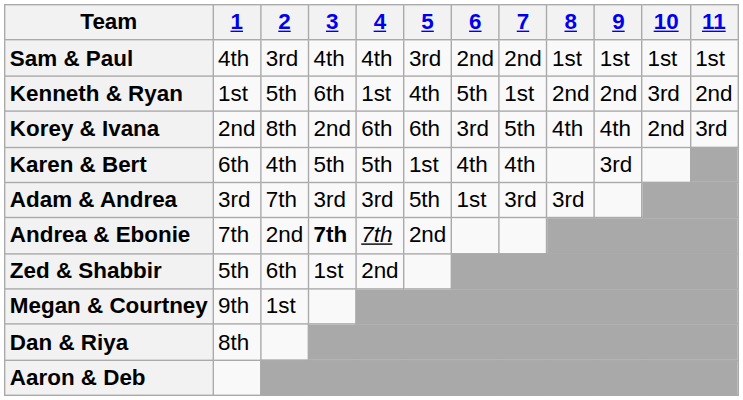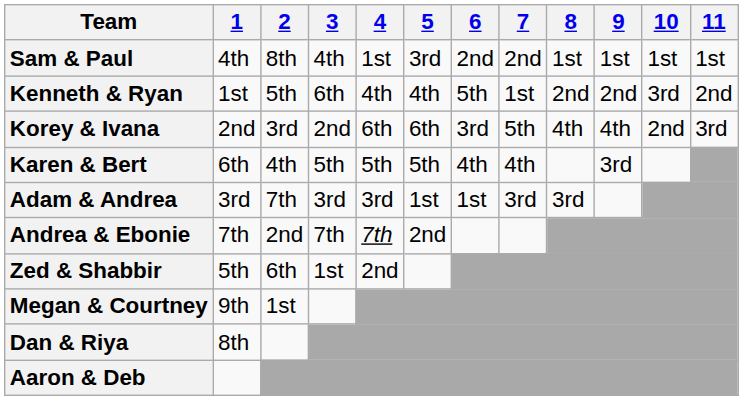 <table class="wikitable sortable" style="text-align:left;">
 <tr>
 <th scope="col" class="unsortable">Team</th>
 <th scope="col"><a href='#'>1</a></th>
 <th scope="col"><a href='#'>2</a></th>
 <th scope="col"><a href='#'>3</a></th>
 <th scope="col"><a href='#'>4</a></th>
 <th scope="col"><a href='#'>5</a></th>
 <th scope="col"><a href='#'>6</a></th>
 <th scope="col"><a href='#'>7</a><span></span></th>
 <th scope="col"><a href='#'>8</a></th>
 <th scope="col"><a href='#'>9</a></th>
 <th scope="col"><a href='#'>10</a><span></span></th>
 <th scope="col"><a href='#'>11</a></th>
 </tr>
 <tr>
 <th scope="row" style="text-align:left">Sam & Paul</th>
 <td>4th</td>
-<td>3rd</td>
+<td>8th</td>
 <td>4th</td>
-<td>4th</td>
+<td>1st</td>
 <td>3rd</td>
 <td>2nd</td>
 <td>2nd</td>
 <td>1st</td>
 <td>1st</td>
 <td>1st</td>
 <td>1st</td>
 </tr>
 <tr>
 <th scope="row" style="text-align:left">Kenneth & Ryan</th>
 <td>1st</td>
 <td>5th</td>
 <td>6th</td>
-<td>1st</td>
+<td>4th</td>
 <td>4th</td>
 <td>5th</td>
 <td>1st</td>
 <td>2nd</td>
 <td>2nd</td>
 <td>3rd</td>
 <td>2nd</td>
 </tr>
 <tr>
 <th scope="row" style="text-align:left">Korey & Ivana</th>
 <td>2nd</td>
-<td>8th</td>
+<td>3rd</td>
 <td>2nd</td>
 <td>6th</td>
 <td>6th</td>
 <td>3rd</td>
 <td>5th</td>
 <td>4th</td>
 <td>4th</td>
 <td>2nd</td>
 <td>3rd</td>
 </tr>
 <tr>
 <th scope="row" style="text-align:left">Karen & Bert</th>
 <td>6th</td>
 <td>4th</td>
 <td>5th</td>
 <td>5th</td>
-<td>1st</td>
+<td>5th</td>
 <td>4th</td>
 <td>4th</td>
 <td></td>
 <td>3rd</td>
 <td></td>
 <td colspan="1" bgcolor="darkgray"></td>
 </tr>
 <tr>
 <th scope="row" style="text-align:left">Adam & Andrea</th>
 <td>3rd</td>
 <td>7th</td>
 <td>3rd</td>
 <td>3rd</td>
-<td>5th</td>
+<td>1st</td>
 <td>1st</td>
 <td>3rd</td>
 <td>3rd</td>
 <td></td>
 <td colspan="2" bgcolor="darkgray"></td>
 </tr>
 <tr>
 <th scope="row" style="text-align:left">Andrea & Ebonie</th>
 <td>7th</td>
 <td>2nd</td>
-<td><strong>7th</strong></td>
+<td>7th</td>
 <td><em><u>7th</u></em></td>
 <td>2nd</td>
 <td></td>
 <td></td>
 <td colspan="4" bgcolor="darkgray"></td>
 </tr>
 <tr>
 <th scope="row" style="text-align:left">Zed & Shabbir</th>
 <td>5th</td>
 <td>6th</td>
 <td>1st</td>
 <td>2nd</td>
 <td></td>
 <td colspan="6" bgcolor="darkgray"></td>
 </tr>
 <tr>
 <th scope="row" style="text-align:left">Megan & Courtney</th>
 <td>9th</td>
 <td>1st</td>
 <td></td>
 <td colspan="8" bgcolor="darkgray"></td>
 </tr>
 <tr>
 <th scope="row" style="text-align:left">Dan & Riya</th>
 <td>8th</td>
 <td></td>
 <td colspan="9" bgcolor="darkgray"></td>
 </tr>
 <tr>
 <th scope="row" style="text-align:left">Aaron & Deb</th>
 <td></td>
 <td colspan="10" bgcolor="darkgray"></td>
 </tr>
 </table>
